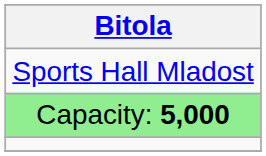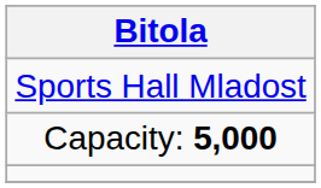 <table class="wikitable" style="text-align:center; margin:1em auto;">
 <tr>
 <th><a href='#'>Bitola</a></th>
 </tr>
 <tr>
 <td><a href='#'>Sports Hall Mladost</a></td>
 </tr>
 <tr>
-<td style="background: lightgreen;">Capacity: <strong>5,000</strong></td>
+<td>Capacity: <strong>5,000</strong></td>
 </tr>
 <tr>
 <td></td>
 </tr>
 <tr>
 </tr>
 </table>
